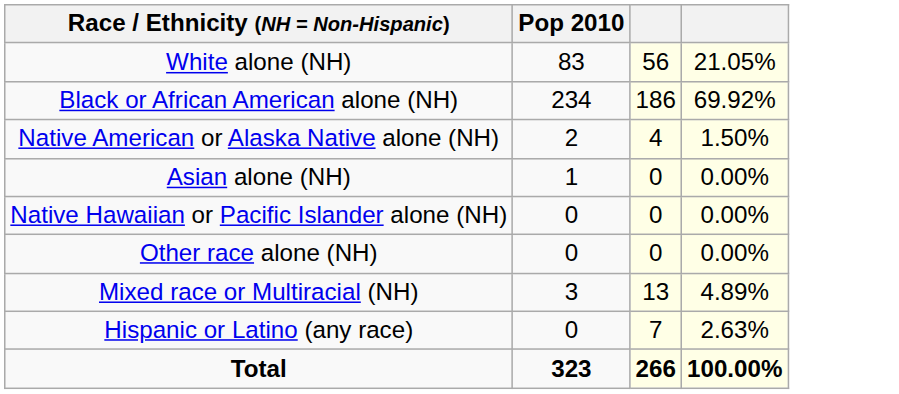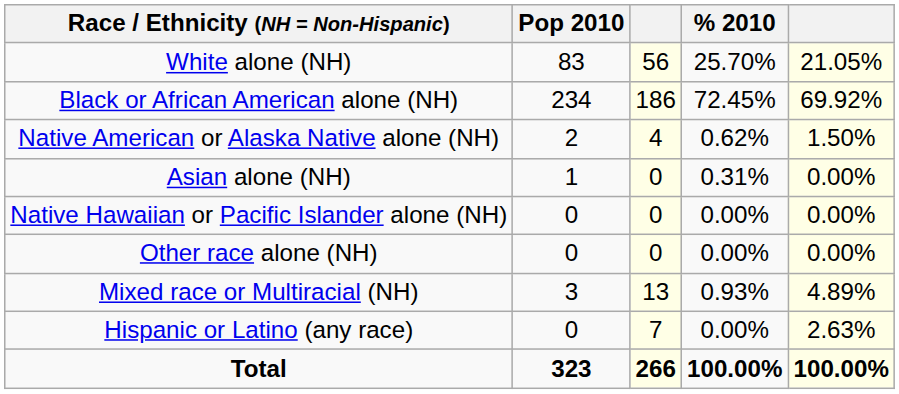 <table class="wikitable" style="text-align:center;">
 <tr>
 <th>Race / Ethnicity <small>(<em>NH = Non-Hispanic</em>)</small></th>
 <th>Pop 2010</th>
 <th></th>
+<th>% 2010</th>
 <th></th>
 </tr>
 <tr>
 <td><a href='#'>White</a> alone (NH)</td>
 <td>83</td>
 <td style='background: #ffffe6;'>56</td>
+<td>25.70%</td>
 <td style='background: #ffffe6;'>21.05%</td>
 </tr>
 <tr>
 <td><a href='#'>Black or African American</a> alone (NH)</td>
 <td>234</td>
 <td style='background: #ffffe6;'>186</td>
+<td>72.45%</td>
 <td style='background: #ffffe6;'>69.92%</td>
 </tr>
 <tr>
 <td><a href='#'>Native American</a> or <a href='#'>Alaska Native</a> alone (NH)</td>
 <td>2</td>
 <td style='background: #ffffe6;'>4</td>
+<td>0.62%</td>
 <td style='background: #ffffe6;'>1.50%</td>
 </tr>
 <tr>
 <td><a href='#'>Asian</a> alone (NH)</td>
 <td>1</td>
 <td style='background: #ffffe6;'>0</td>
+<td>0.31%</td>
 <td style='background: #ffffe6;'>0.00%</td>
 </tr>
 <tr>
 <td><a href='#'>Native Hawaiian</a> or <a href='#'>Pacific Islander</a> alone (NH)</td>
 <td>0</td>
 <td style='background: #ffffe6;'>0</td>
+<td>0.00%</td>
 <td style='background: #ffffe6;'>0.00%</td>
 </tr>
 <tr>
 <td><a href='#'>Other race</a> alone (NH)</td>
 <td>0</td>
 <td style='background: #ffffe6;'>0</td>
+<td>0.00%</td>
 <td style='background: #ffffe6;'>0.00%</td>
 </tr>
 <tr>
 <td><a href='#'>Mixed race or Multiracial</a> (NH)</td>
 <td>3</td>
 <td style='background: #ffffe6;'>13</td>
+<td>0.93%</td>
 <td style='background: #ffffe6;'>4.89%</td>
 </tr>
 <tr>
 <td><a href='#'>Hispanic or Latino</a> (any race)</td>
 <td>0</td>
 <td style='background: #ffffe6;'>7</td>
+<td>0.00%</td>
 <td style='background: #ffffe6;'>2.63%</td>
 </tr>
 <tr>
 <td><strong>Total</strong></td>
 <td><strong>323</strong></td>
 <td style='background: #ffffe6;'><strong>266</strong></td>
+<td><strong>100.00%</strong></td>
 <td style='background: #ffffe6;'><strong>100.00%</strong></td>
 </tr>
 </table>
